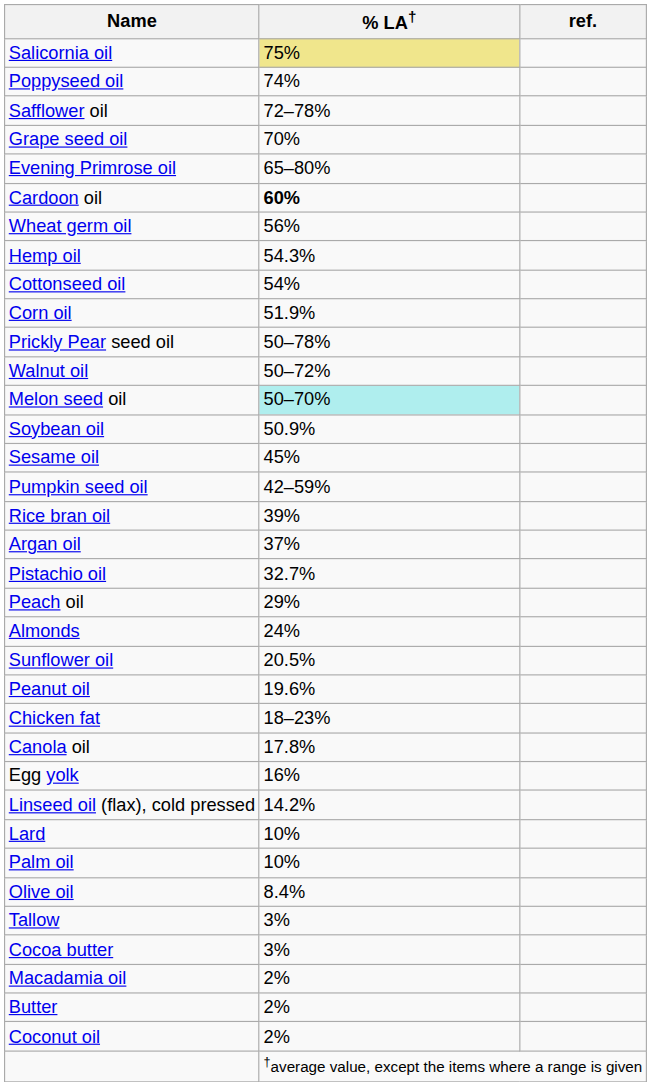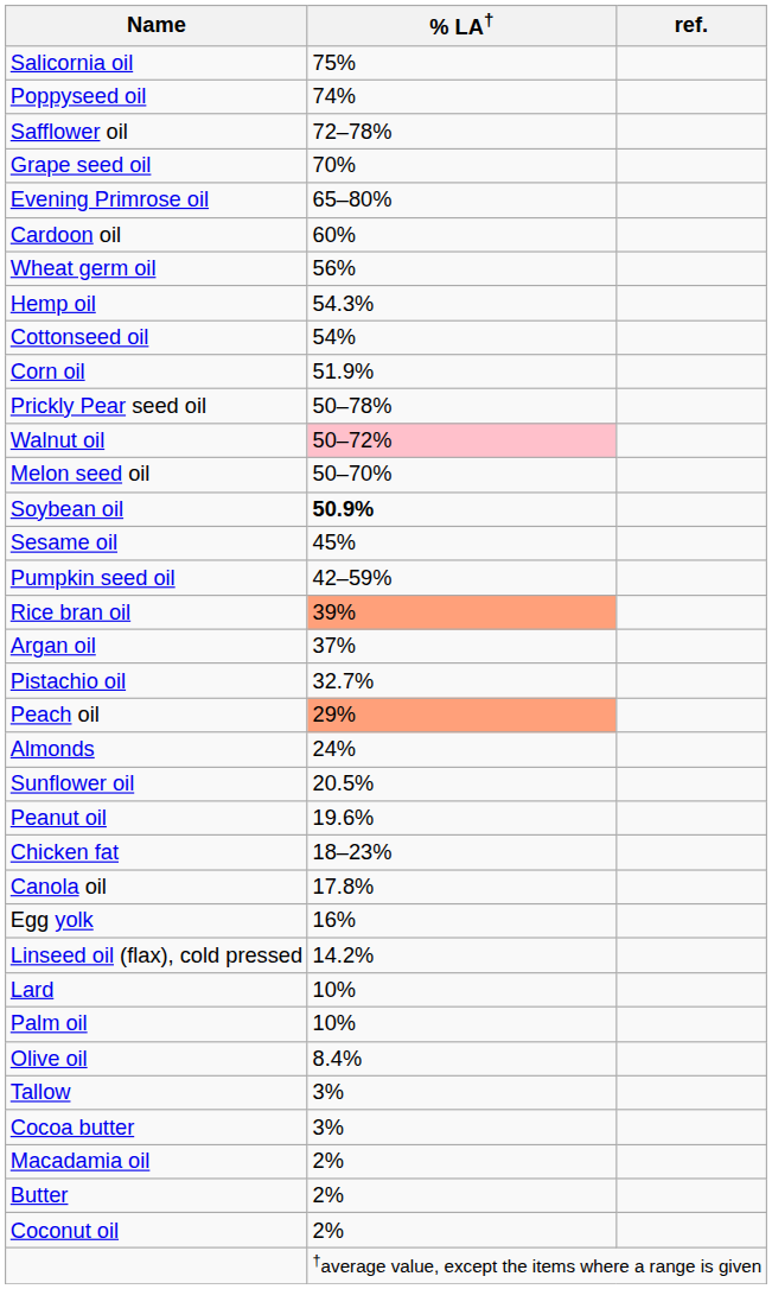 <table class="wikitable sortable">
 <tr>
 <th>Name</th>
 <th>% LA<sup>†</sup></th>
 <th>ref.</th>
 </tr>
 <tr>
 <td><a href='#'>Salicornia oil</a></td>
-<td style="background: khaki;">75%</td>
+<td>75%</td>
 <td></td>
 </tr>
 <tr>
 <td><a href='#'>Poppyseed oil</a></td>
 <td>74%</td>
 <td></td>
 </tr>
 <tr>
 <td><a href='#'>Safflower</a> oil</td>
 <td>72–78%</td>
 <td></td>
 </tr>
 <tr>
 <td><a href='#'>Grape seed oil</a></td>
 <td>70%</td>
 <td></td>
 </tr>
 <tr>
 <td><a href='#'>Evening Primrose oil</a></td>
 <td>65–80%</td>
 <td></td>
 </tr>
 <tr>
 <td><a href='#'>Cardoon</a> oil</td>
-<td><strong>60%</strong></td>
+<td>60%</td>
 <td></td>
 </tr>
 <tr>
 <td><a href='#'>Wheat germ oil</a></td>
 <td>56%</td>
 <td></td>
 </tr>
 <tr>
 <td><a href='#'>Hemp oil</a></td>
 <td>54.3%</td>
 <td></td>
 </tr>
 <tr>
 <td><a href='#'>Cottonseed oil</a></td>
 <td>54%</td>
 <td></td>
 </tr>
 <tr>
 <td><a href='#'>Corn oil</a></td>
 <td>51.9%</td>
 <td></td>
 </tr>
 <tr>
 <td><a href='#'>Prickly Pear</a> seed oil</td>
 <td>50–78%</td>
 <td></td>
 </tr>
 <tr>
 <td><a href='#'>Walnut oil</a></td>
-<td>50–72%</td>
+<td style="background: pink;">50–72%</td>
 <td></td>
 </tr>
 <tr>
 <td><a href='#'>Melon seed</a> oil</td>
-<td style="background: paleturquoise;">50–70%</td>
+<td>50–70%</td>
 <td></td>
 </tr>
 <tr>
 <td><a href='#'>Soybean oil</a></td>
-<td>50.9%</td>
+<td><strong>50.9%</strong></td>
 <td></td>
 </tr>
 <tr>
 <td><a href='#'>Sesame oil</a></td>
 <td>45%</td>
 <td></td>
 </tr>
 <tr>
 <td><a href='#'>Pumpkin seed oil</a></td>
 <td>42–59%</td>
 <td></td>
 </tr>
 <tr>
 <td><a href='#'>Rice bran oil</a></td>
-<td>39%</td>
+<td style="background: lightsalmon;">39%</td>
 <td></td>
 </tr>
 <tr>
 <td><a href='#'>Argan oil</a></td>
 <td>37%</td>
 <td></td>
 </tr>
 <tr>
 <td><a href='#'>Pistachio oil</a></td>
 <td>32.7%</td>
 <td></td>
 </tr>
 <tr>
 <td><a href='#'>Peach</a> oil</td>
-<td>29%</td>
+<td style="background: lightsalmon;">29%</td>
 <td></td>
 </tr>
 <tr>
 <td><a href='#'>Almonds</a></td>
 <td>24%</td>
 <td></td>
 </tr>
 <tr>
 <td><a href='#'>Sunflower oil</a></td>
 <td>20.5%</td>
 <td></td>
 </tr>
 <tr>
 <td><a href='#'>Peanut oil</a></td>
 <td>19.6%</td>
 <td></td>
 </tr>
 <tr>
 <td><a href='#'>Chicken fat</a></td>
 <td>18–23%</td>
 <td></td>
 </tr>
 <tr>
 <td><a href='#'>Canola</a> oil</td>
 <td>17.8%</td>
 <td></td>
 </tr>
 <tr>
 <td>Egg <a href='#'>yolk</a></td>
 <td>16%</td>
 <td></td>
 </tr>
 <tr>
 <td><a href='#'>Linseed oil</a> (flax), cold pressed</td>
 <td>14.2%</td>
 <td></td>
 </tr>
 <tr>
 <td><a href='#'>Lard</a></td>
 <td>10%</td>
 <td></td>
 </tr>
 <tr>
 <td><a href='#'>Palm oil</a></td>
 <td>10%</td>
 <td></td>
 </tr>
 <tr>
 <td><a href='#'>Olive oil</a></td>
 <td>8.4%</td>
 <td></td>
 </tr>
 <tr>
 <td><a href='#'>Tallow</a></td>
 <td>3%</td>
 <td></td>
 </tr>
 <tr>
 <td><a href='#'>Cocoa butter</a></td>
 <td>3%</td>
 <td></td>
 </tr>
 <tr>
 <td><a href='#'>Macadamia oil</a></td>
 <td>2%</td>
 <td></td>
 </tr>
 <tr>
 <td><a href='#'>Butter</a></td>
 <td>2%</td>
 <td></td>
 </tr>
 <tr>
 <td><a href='#'>Coconut oil</a></td>
 <td>2%</td>
 <td></td>
 </tr>
 <tr>
 <td> </td>
 <td colspan=2><small><sup>†</sup>average value, except the items where a range is given</small></td>
 </tr>
 </table>
